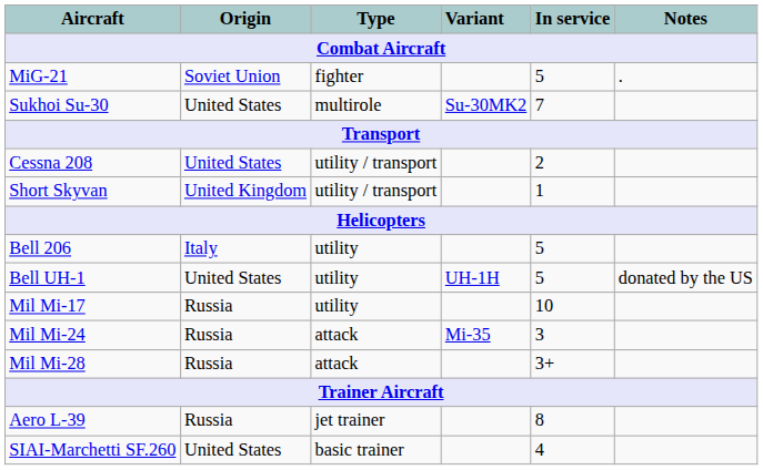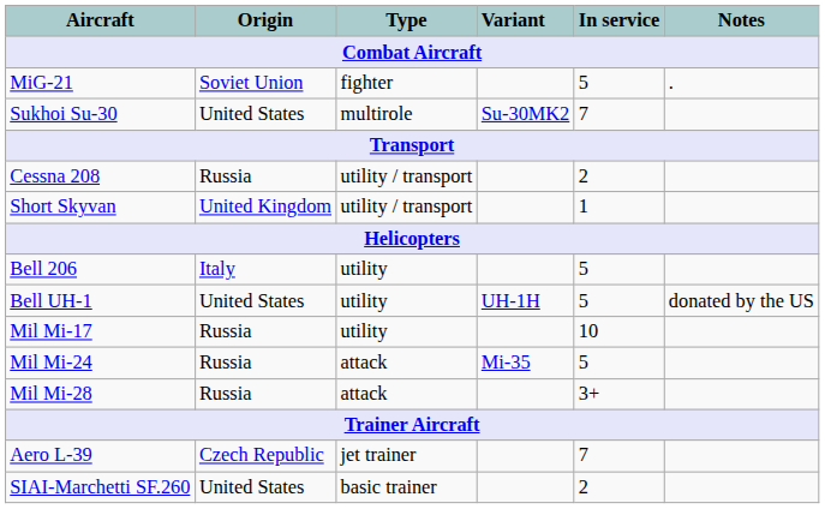 <table class="wikitable">
 <tr>
 <th style="text-align:center; background:#acc;">Aircraft</th>
 <th style="text-align: center; background:#acc;">Origin</th>
 <th style="text-align:l center; background:#acc;">Type</th>
 <th style="text-align:left; background:#acc;">Variant</th>
 <th style="text-align:center; background:#acc;">In service</th>
 <th style="text-align: center; background:#acc;">Notes</th>
 </tr>
 <tr>
 <th style="align: center; background: lavender;" colspan="7"><a href='#'>Combat Aircraft</a></th>
 </tr>
 <tr>
 <td><a href='#'>MiG-21</a></td>
 <td><a href='#'>Soviet Union</a></td>
 <td>fighter</td>
 <td></td>
 <td>5</td>
 <td>.</td>
 </tr>
 <tr>
 <td><a href='#'>Sukhoi Su-30</a></td>
 <td>United States</td>
 <td>multirole</td>
 <td><a href='#'>Su-30MK2</a></td>
 <td>7</td>
 <td></td>
 </tr>
 <tr>
 <th style="align: center; background: lavender;" colspan="7"><a href='#'>Transport</a></th>
 </tr>
 <tr>
 <td><a href='#'>Cessna 208</a></td>
-<td><a href='#'>United States</a></td>
+<td>Russia</td>
 <td>utility / transport</td>
 <td></td>
 <td>2</td>
 <td></td>
 </tr>
 <tr>
 <td><a href='#'>Short Skyvan</a></td>
 <td><a href='#'>United Kingdom</a></td>
 <td>utility / transport</td>
 <td></td>
 <td>1</td>
 <td></td>
 </tr>
 <tr>
 <th style="align: center; background: lavender;" colspan="7"><a href='#'>Helicopters</a></th>
 </tr>
 <tr>
 <td><a href='#'>Bell 206</a></td>
 <td><a href='#'>Italy</a></td>
 <td>utility</td>
 <td></td>
 <td>5</td>
 <td></td>
 </tr>
 <tr>
 <td><a href='#'>Bell UH-1</a></td>
 <td>United States</td>
 <td>utility</td>
 <td><a href='#'>UH-1H</a></td>
 <td>5</td>
 <td>donated by the US</td>
 </tr>
 <tr>
 <td><a href='#'>Mil Mi-17</a></td>
 <td>Russia</td>
 <td>utility</td>
 <td></td>
 <td>10</td>
 <td></td>
 </tr>
 <tr>
 <td><a href='#'>Mil Mi-24</a></td>
 <td>Russia</td>
 <td>attack</td>
 <td><a href='#'>Mi-35</a></td>
-<td>3</td>
+<td>5</td>
 <td></td>
 </tr>
 <tr>
 <td><a href='#'>Mil Mi-28</a></td>
 <td>Russia</td>
 <td>attack</td>
 <td></td>
 <td>3+</td>
 <td></td>
 </tr>
 <tr>
 <th style="align: center; background: lavender;" colspan="7"><a href='#'>Trainer Aircraft</a></th>
 </tr>
 <tr>
 <td><a href='#'>Aero L-39</a></td>
-<td>Russia</td>
+<td><a href='#'>Czech Republic</a></td>
 <td>jet trainer</td>
 <td></td>
-<td>8</td>
+<td>7</td>
 <td></td>
 </tr>
 <tr>
 <td><a href='#'>SIAI-Marchetti SF.260</a></td>
 <td>United States</td>
 <td>basic trainer</td>
 <td></td>
-<td>4</td>
+<td>2</td>
 <td></td>
 </tr>
 </table>
